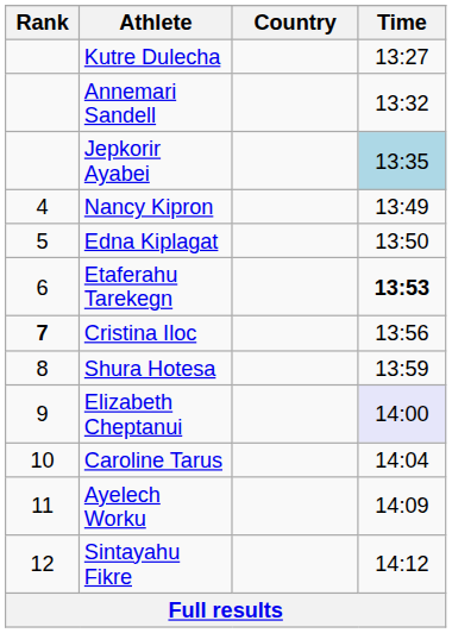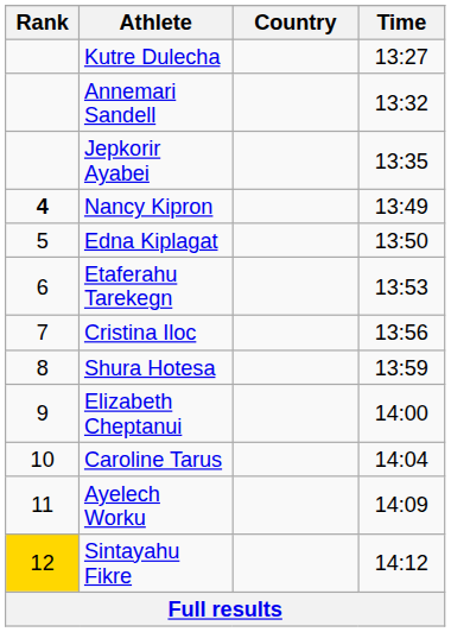 <table class="wikitable sortable" style=" text-align:center; font-size:95%;" width="50%">
 <tr>
 </tr>
 <tr>
 <th width=5%>Rank</th>
 <th width=20%>Athlete</th>
 <th width=15%>Country</th>
 <th width=10%>Time</th>
 </tr>
 <tr>
 <td align=center></td>
 <td align=left><a href='#'>Kutre Dulecha</a></td>
 <td align=left></td>
 <td>13:27</td>
 </tr>
 <tr>
 <td align=center></td>
 <td align=left><a href='#'>Annemari Sandell</a></td>
 <td align=left></td>
 <td>13:32</td>
 </tr>
 <tr>
 <td align=center></td>
 <td align=left><a href='#'>Jepkorir Ayabei</a></td>
 <td align=left></td>
-<td style="background: lightblue;">13:35</td>
+<td>13:35</td>
 </tr>
 <tr>
-<td align=center>4</td>
+<td align=center><strong>4</strong></td>
 <td align=left><a href='#'>Nancy Kipron</a></td>
 <td align=left></td>
 <td>13:49</td>
 </tr>
 <tr>
 <td align=center>5</td>
 <td align=left><a href='#'>Edna Kiplagat</a></td>
 <td align=left></td>
 <td>13:50</td>
 </tr>
 <tr>
 <td align=center>6</td>
 <td align=left><a href='#'>Etaferahu Tarekegn</a></td>
 <td align=left></td>
-<td><strong>13:53</strong></td>
+<td>13:53</td>
 </tr>
 <tr>
-<td align=center><strong>7</strong></td>
+<td align=center>7</td>
 <td align=left><a href='#'>Cristina Iloc</a></td>
 <td align=left></td>
 <td>13:56</td>
 </tr>
 <tr>
 <td align=center>8</td>
 <td align=left><a href='#'>Shura Hotesa</a></td>
 <td align=left></td>
 <td>13:59</td>
 </tr>
 <tr>
 <td align=center>9</td>
 <td align=left><a href='#'>Elizabeth Cheptanui</a></td>
 <td align=left></td>
-<td style="background: lavender;">14:00</td>
+<td>14:00</td>
 </tr>
 <tr>
 <td align=center>10</td>
 <td align=left><a href='#'>Caroline Tarus</a></td>
 <td align=left></td>
 <td>14:04</td>
 </tr>
 <tr>
 <td align=center>11</td>
 <td align=left><a href='#'>Ayelech Worku</a></td>
 <td align=left></td>
 <td>14:09</td>
 </tr>
 <tr>
-<td align=center>12</td>
+<td align=center style="background: gold;">12</td>
 <td align=left><a href='#'>Sintayahu Fikre</a></td>
 <td align=left></td>
 <td>14:12</td>
 </tr>
 <tr class="sortbottom">
 <th colspan=4 align=center><a href='#'>Full results</a></th>
 </tr>
 </table>
